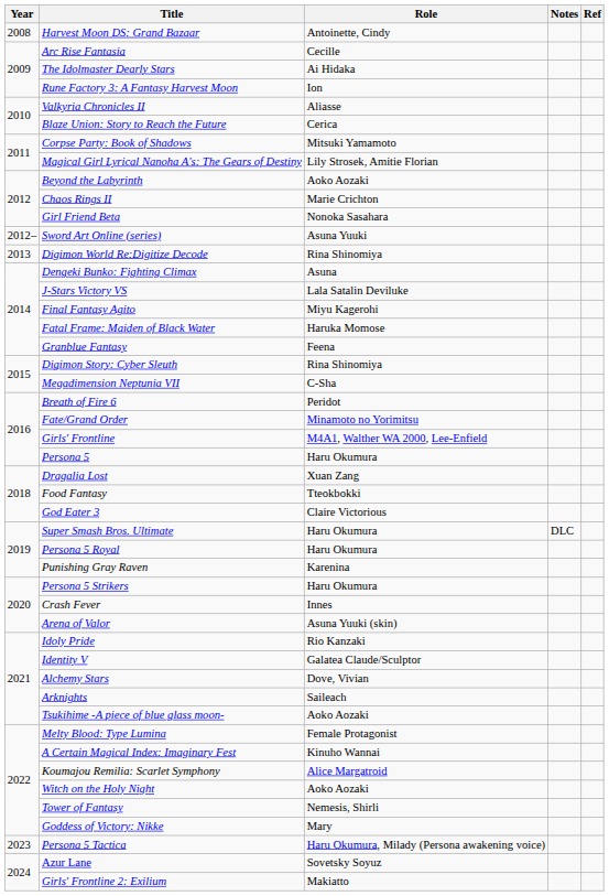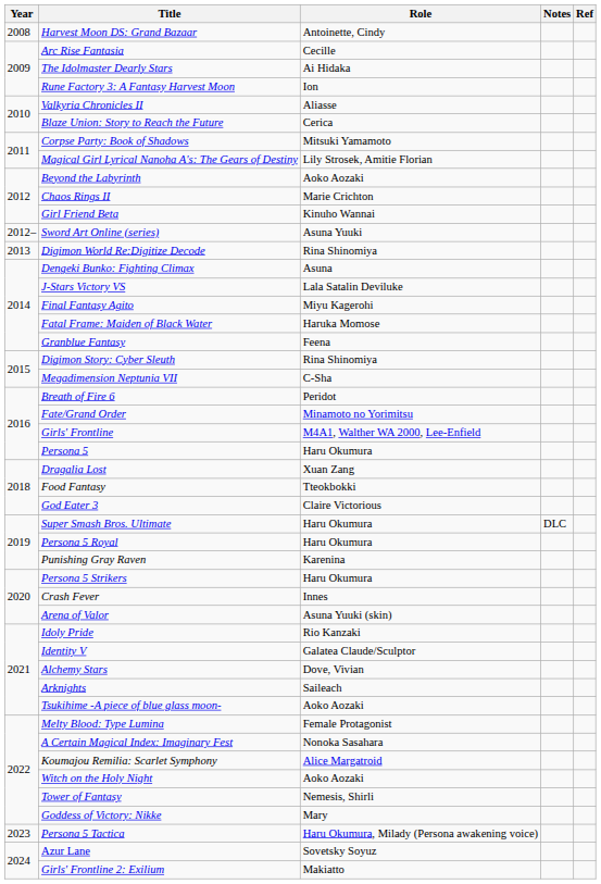 <table class="wikitable">
 <tr>
 <th>Year</th>
 <th>Title</th>
 <th>Role</th>
 <th>Notes</th>
 <th>Ref</th>
 </tr>
 <tr>
 <td>2008</td>
 <td><em><a href='#'>Harvest Moon DS: Grand Bazaar</a></em></td>
 <td>Antoinette, Cindy</td>
 <td></td>
 <td></td>
 </tr>
 <tr>
 <td rowspan="3">2009</td>
 <td><em><a href='#'>Arc Rise Fantasia</a></em></td>
 <td>Cecille</td>
 <td></td>
 <td></td>
 </tr>
 <tr>
 <td><em><a href='#'>The Idolmaster Dearly Stars</a></em></td>
 <td>Ai Hidaka</td>
 <td></td>
 <td></td>
 </tr>
 <tr>
 <td><em><a href='#'>Rune Factory 3: A Fantasy Harvest Moon</a></em></td>
 <td>Ion</td>
 <td></td>
 <td></td>
 </tr>
 <tr>
 <td rowspan="2">2010</td>
 <td><em><a href='#'>Valkyria Chronicles II</a></em></td>
 <td>Aliasse</td>
 <td></td>
 <td></td>
 </tr>
 <tr>
 <td><em><a href='#'>Blaze Union: Story to Reach the Future</a></em></td>
 <td>Cerica</td>
 <td></td>
 <td><br> </td>
 </tr>
 <tr>
 <td rowspan="2">2011</td>
 <td><em><a href='#'>Corpse Party: Book of Shadows</a></em></td>
 <td>Mitsuki Yamamoto</td>
 <td></td>
 <td></td>
 </tr>
 <tr>
 <td><em><a href='#'>Magical Girl Lyrical Nanoha A's: The Gears of Destiny</a></em></td>
 <td>Lily Strosek, Amitie Florian</td>
 <td></td>
 <td></td>
 </tr>
 <tr>
 <td rowspan="3">2012</td>
 <td><em><a href='#'>Beyond the Labyrinth</a></em></td>
 <td>Aoko Aozaki</td>
 <td></td>
 <td></td>
 </tr>
 <tr>
 <td><em><a href='#'>Chaos Rings II</a></em></td>
 <td>Marie Crichton</td>
 <td></td>
 <td></td>
 </tr>
 <tr>
 <td><em><a href='#'>Girl Friend Beta</a></em></td>
-<td>Nonoka Sasahara</td>
+<td>Kinuho Wannai</td>
 <td></td>
 <td><br></td>
 </tr>
 <tr>
 <td>2012–</td>
 <td><em><a href='#'>Sword Art Online (series)</a></em></td>
 <td>Asuna Yuuki</td>
 <td></td>
 <td></td>
 </tr>
 <tr>
 <td>2013</td>
 <td><em><a href='#'>Digimon World Re:Digitize Decode</a></em></td>
 <td>Rina Shinomiya</td>
 <td></td>
 <td></td>
 </tr>
 <tr>
 <td rowspan="5">2014</td>
 <td><em><a href='#'>Dengeki Bunko: Fighting Climax</a></em></td>
 <td>Asuna</td>
 <td></td>
 <td></td>
 </tr>
 <tr>
 <td><em><a href='#'>J-Stars Victory VS</a></em></td>
 <td>Lala Satalin Deviluke</td>
 <td></td>
 <td></td>
 </tr>
 <tr>
 <td><em><a href='#'>Final Fantasy Agito</a></em></td>
 <td>Miyu Kagerohi</td>
 <td></td>
 <td></td>
 </tr>
 <tr>
 <td><em><a href='#'>Fatal Frame: Maiden of Black Water</a></em></td>
 <td>Haruka Momose</td>
 <td></td>
 <td></td>
 </tr>
 <tr>
 <td><em><a href='#'>Granblue Fantasy</a></em></td>
 <td>Feena</td>
 <td></td>
 <td></td>
 </tr>
 <tr>
 <td rowspan="2">2015</td>
 <td><em><a href='#'>Digimon Story: Cyber Sleuth</a></em></td>
 <td>Rina Shinomiya</td>
 <td></td>
 <td></td>
 </tr>
 <tr>
 <td><em><a href='#'>Megadimension Neptunia VII</a></em></td>
 <td>C-Sha</td>
 <td></td>
 <td></td>
 </tr>
 <tr>
 <td rowspan="4">2016</td>
 <td><em><a href='#'>Breath of Fire 6</a></em></td>
 <td>Peridot</td>
 <td></td>
 <td></td>
 </tr>
 <tr>
 <td><em><a href='#'>Fate/Grand Order</a></em></td>
 <td><a href='#'>Minamoto no Yorimitsu</a></td>
 <td></td>
 <td></td>
 </tr>
 <tr>
 <td><em><a href='#'>Girls' Frontline</a></em></td>
 <td><a href='#'>M4A1</a>, <a href='#'>Walther WA 2000</a>, <a href='#'>Lee-Enfield</a></td>
 <td></td>
 <td></td>
 </tr>
 <tr>
 <td><em><a href='#'>Persona 5</a></em></td>
 <td>Haru Okumura</td>
 <td></td>
 <td></td>
 </tr>
 <tr>
 <td rowspan="3">2018</td>
 <td><em><a href='#'>Dragalia Lost</a></em></td>
 <td>Xuan Zang</td>
 <td></td>
 <td></td>
 </tr>
 <tr>
 <td><em>Food Fantasy</em></td>
 <td>Tteokbokki</td>
 <td></td>
 <td></td>
 </tr>
 <tr>
 <td><em><a href='#'>God Eater 3</a></em></td>
 <td>Claire Victorious</td>
 <td></td>
 <td></td>
 </tr>
 <tr>
 <td rowspan="3">2019</td>
 <td><em><a href='#'>Super Smash Bros. Ultimate</a></em></td>
 <td>Haru Okumura</td>
 <td>DLC</td>
 <td></td>
 </tr>
 <tr>
 <td><em><a href='#'>Persona 5 Royal</a></em></td>
 <td>Haru Okumura</td>
 <td></td>
 <td></td>
 </tr>
 <tr>
 <td><em>Punishing Gray Raven</em></td>
 <td>Karenina</td>
 <td></td>
 <td></td>
 </tr>
 <tr>
 <td rowspan="3">2020</td>
 <td><em><a href='#'>Persona 5 Strikers</a></em></td>
 <td>Haru Okumura</td>
 <td></td>
 <td><br></td>
 </tr>
 <tr>
 <td><em>Crash Fever</em></td>
 <td>Innes</td>
 <td></td>
 <td></td>
 </tr>
 <tr>
 <td><em><a href='#'>Arena of Valor</a></em></td>
 <td>Asuna Yuuki (skin)</td>
 <td></td>
 <td></td>
 </tr>
 <tr>
 <td rowspan="5">2021</td>
 <td><em><a href='#'>Idoly Pride</a></em></td>
 <td>Rio Kanzaki</td>
 <td></td>
 <td></td>
 </tr>
 <tr>
 <td><em><a href='#'>Identity V</a></em></td>
 <td>Galatea Claude/Sculptor</td>
 <td></td>
 <td></td>
 </tr>
 <tr>
 <td><em><a href='#'>Alchemy Stars</a></em></td>
 <td>Dove, Vivian</td>
 <td></td>
 <td></td>
 </tr>
 <tr>
 <td><em><a href='#'>Arknights</a></em></td>
 <td>Saileach</td>
 <td></td>
 <td></td>
 </tr>
 <tr>
 <td><em><a href='#'>Tsukihime -A piece of blue glass moon-</a></em></td>
 <td>Aoko Aozaki</td>
 <td></td>
 <td></td>
 </tr>
 <tr>
 <td rowspan="6">2022</td>
 <td><em><a href='#'>Melty Blood: Type Lumina</a></em></td>
 <td>Female Protagonist</td>
 <td></td>
 <td></td>
 </tr>
 <tr>
 <td><em><a href='#'>A Certain Magical Index: Imaginary Fest</a></em></td>
-<td>Kinuho Wannai</td>
+<td>Nonoka Sasahara</td>
 <td></td>
 <td></td>
 </tr>
 <tr>
 <td><em>Koumajou Remilia: Scarlet Symphony</em></td>
 <td><a href='#'>Alice Margatroid</a></td>
 <td></td>
 <td></td>
 </tr>
 <tr>
 <td><em><a href='#'>Witch on the Holy Night</a></em></td>
 <td>Aoko Aozaki</td>
 <td></td>
 <td></td>
 </tr>
 <tr>
 <td><em><a href='#'>Tower of Fantasy</a></em></td>
 <td>Nemesis, Shirli</td>
 <td></td>
 <td></td>
 </tr>
 <tr>
 <td><em><a href='#'>Goddess of Victory: Nikke</a></em></td>
 <td>Mary</td>
 <td></td>
 <td></td>
 </tr>
 <tr>
 <td rowspan="1">2023</td>
 <td><em><a href='#'>Persona 5 Tactica</a></em></td>
 <td><a href='#'>Haru Okumura</a>, Milady (Persona awakening voice)</td>
 <td></td>
 <td></td>
 </tr>
 <tr>
 <td rowspan="2">2024</td>
 <td><a href='#'>Azur Lane</a></td>
 <td>Sovetsky Soyuz</td>
 <td></td>
 <td></td>
 </tr>
 <tr>
 <td><em><a href='#'>Girls' Frontline 2: Exilium</a></em></td>
 <td>Makiatto</td>
 <td></td>
 <td></td>
 </tr>
 </table>
